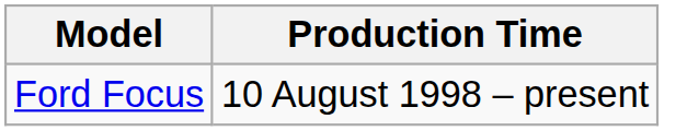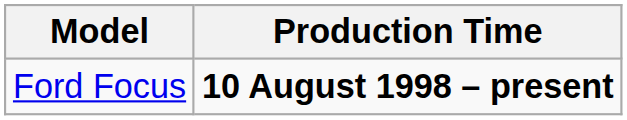 <table class="wikitable">
 <tr>
 <th>Model</th>
 <th>Production Time</th>
 </tr>
 <tr>
 <td><a href='#'>Ford Focus</a></td>
-<td>10 August 1998 – present</td>
+<td><strong>10 August 1998 – present</strong></td>
 </tr>
 </table>
